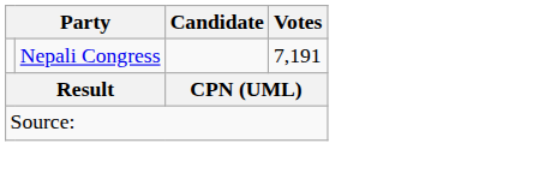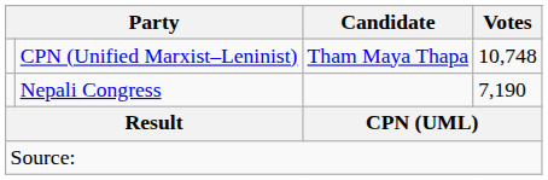 <table class="wikitable">
 <tr>
 <th colspan="2">Party</th>
 <th>Candidate</th>
 <th>Votes</th>
 </tr>
 <tr>
 <td style="background-color:"></td>
+<td><a href='#'>CPN (Unified Marxist–Leninist)</a></td>
+<td><a href='#'>Tham Maya Thapa</a></td>
+<td>10,748</td>
+</tr>
+<tr>
+<td style="background-color:"></td>
 <td><a href='#'>Nepali Congress</a></td>
 <td></td>
-<td>7,191</td>
+<td>7,190</td>
 </tr>
 <tr>
 <th colspan="2">Result</th>
 <th colspan="2">CPN (UML)</th>
 </tr>
 <tr>
 <td colspan="4">Source: </td>
 </tr>
 </table>
